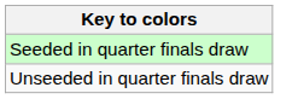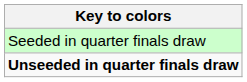 <table class="wikitable">
 <tr>
 <th>Key to colors</th>
 </tr>
 <tr bgcolor=#ccffcc>
 <td>Seeded in quarter finals draw</td>
 </tr>
 <tr>
-<td>Unseeded in quarter finals draw</td>
+<td><strong>Unseeded in quarter finals draw</strong></td>
 </tr>
 </table>
